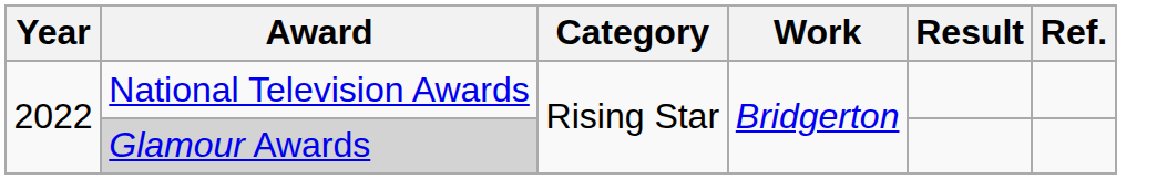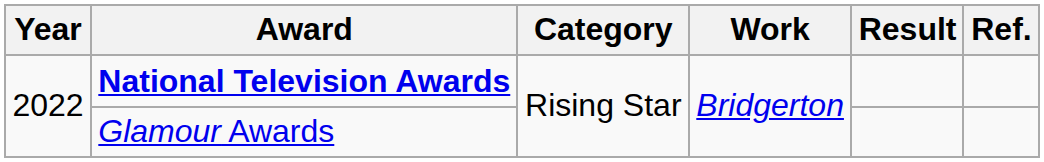 <table class="wikitable plainrowheaders">
 <tr>
 <th>Year</th>
 <th>Award</th>
 <th>Category</th>
 <th>Work</th>
 <th>Result</th>
 <th>Ref.</th>
 </tr>
 <tr>
 <td rowspan="2">2022</td>
-<td><a href='#'>National Television Awards</a></td>
+<td><strong><a href='#'>National Television Awards</a></strong></td>
 <td rowspan="2">Rising Star</td>
 <td rowspan="2"><em><a href='#'>Bridgerton</a></em></td>
 <td></td>
 <td></td>
 </tr>
 <tr>
-<td style="background: lightgrey;"><a href='#'><em>Glamour</em> Awards</a></td>
+<td><a href='#'><em>Glamour</em> Awards</a></td>
 <td></td>
 <td></td>
 </tr>
 </table>
